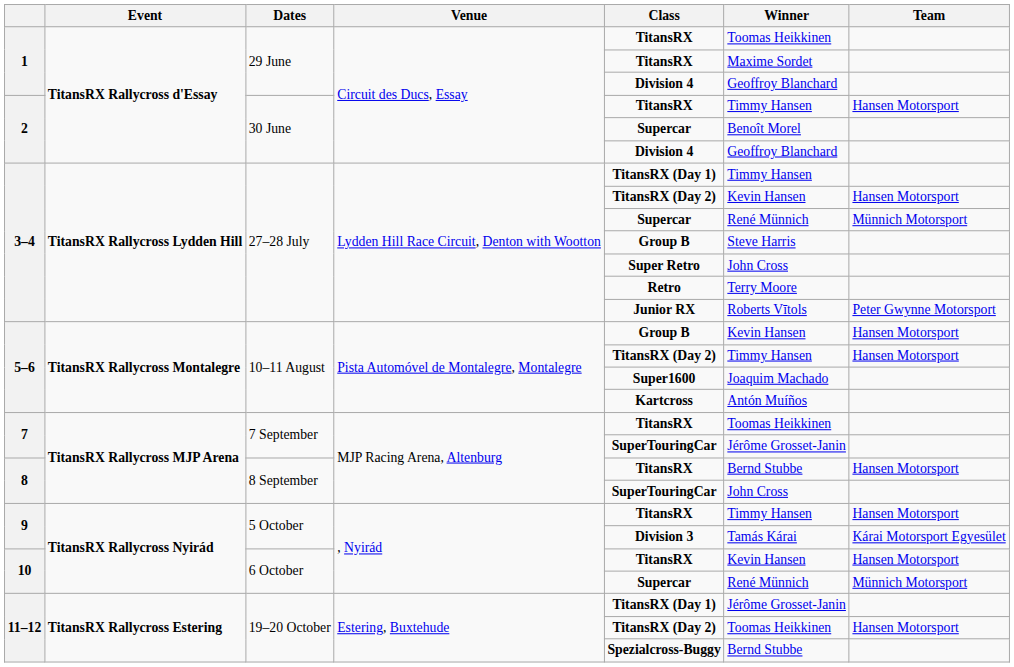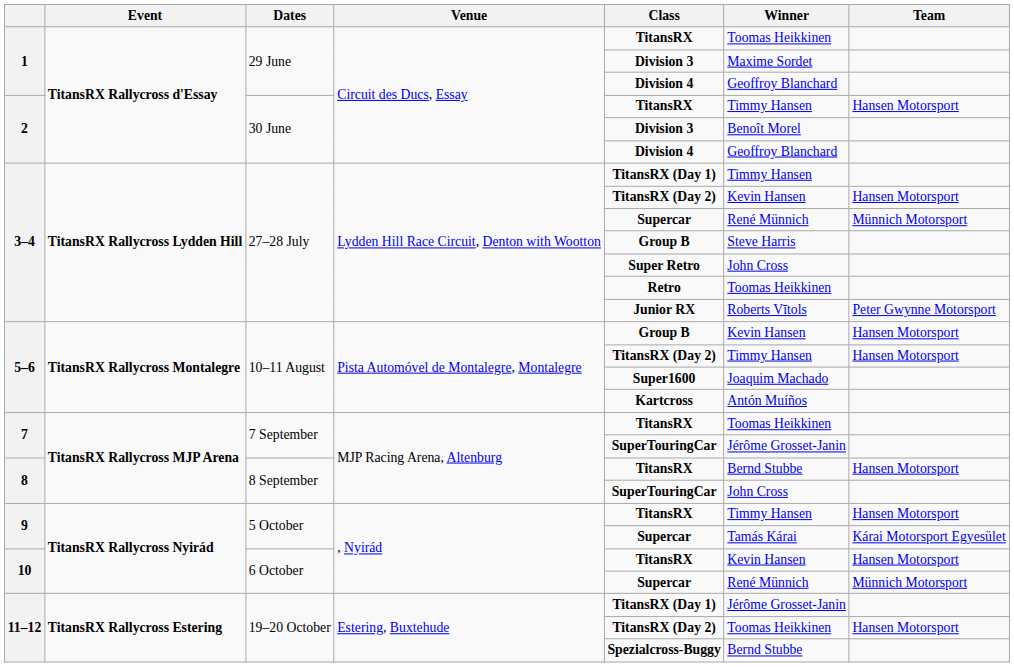 <table class="wikitable" style="font-size:85%;">
 <tr>
 <th></th>
 <th>Event</th>
 <th>Dates</th>
 <th>Venue</th>
 <th>Class</th>
 <th>Winner</th>
 <th>Team</th>
 </tr>
 <tr>
 <th rowspan="3">1</th>
 <td rowspan="6"> <strong>TitansRX Rallycross d'Essay</strong></td>
 <td rowspan="3">29 June</td>
 <td rowspan="6"><a href='#'>Circuit des Ducs</a>, <a href='#'>Essay</a></td>
 <td align="center"><strong><span>TitansRX</span></strong></td>
 <td> <a href='#'>Toomas Heikkinen</a></td>
 <td></td>
 </tr>
 <tr>
-<td align="center"><strong><span>TitansRX</span></strong></td>
+<td align="center"><strong><span>Division 3</span></strong></td>
 <td> <a href='#'>Maxime Sordet</a></td>
 <td></td>
 </tr>
 <tr>
 <td align="center"><strong><span>Division 4</span></strong></td>
 <td> <a href='#'>Geoffroy Blanchard</a></td>
 <td></td>
 </tr>
 <tr>
 <th rowspan="3">2</th>
 <td rowspan="3">30 June</td>
 <td align="center"><strong><span>TitansRX</span></strong></td>
 <td> <a href='#'>Timmy Hansen</a></td>
 <td> <a href='#'>Hansen Motorsport</a></td>
 </tr>
 <tr>
-<td align="center"><strong><span>Supercar</span></strong></td>
+<td align="center"><strong><span>Division 3</span></strong></td>
 <td> <a href='#'>Benoît Morel</a></td>
 <td></td>
 </tr>
 <tr>
 <td align="center"><strong><span>Division 4</span></strong></td>
 <td> <a href='#'>Geoffroy Blanchard</a></td>
 <td></td>
 </tr>
 <tr>
 <th rowspan="7">3–4</th>
 <td rowspan="7"> <strong>TitansRX Rallycross Lydden Hill</strong></td>
 <td rowspan="7">27–28 July</td>
 <td rowspan="7"><a href='#'>Lydden Hill Race Circuit</a>, <a href='#'>Denton with Wootton</a></td>
 <td align="center"><strong><span>TitansRX (Day 1)</span></strong></td>
 <td> <a href='#'>Timmy Hansen</a></td>
 <td></td>
 </tr>
 <tr>
 <td align="center"><strong><span>TitansRX (Day 2)</span></strong></td>
 <td> <a href='#'>Kevin Hansen</a></td>
 <td> <a href='#'>Hansen Motorsport</a></td>
 </tr>
 <tr>
 <td align="center"><strong><span>Supercar</span></strong></td>
 <td> <a href='#'>René Münnich</a></td>
 <td> <a href='#'>Münnich Motorsport</a></td>
 </tr>
 <tr>
 <td align="center"><strong><span>Group B</span></strong></td>
 <td> <a href='#'>Steve Harris</a></td>
 <td></td>
 </tr>
 <tr>
 <td align="center"><strong><span>Super Retro</span></strong></td>
 <td> <a href='#'>John Cross</a></td>
 <td></td>
 </tr>
 <tr>
 <td align="center"><strong><span>Retro</span></strong></td>
-<td> <a href='#'>Terry Moore</a></td>
+<td> <a href='#'>Toomas Heikkinen</a></td>
 <td></td>
 </tr>
 <tr>
 <td align="center"><strong><span>Junior RX</span></strong></td>
 <td> <a href='#'>Roberts Vītols</a></td>
 <td> <a href='#'>Peter Gwynne Motorsport</a></td>
 </tr>
 <tr>
 <th rowspan="4">5–6</th>
 <td rowspan="4"> <strong>TitansRX Rallycross Montalegre</strong></td>
 <td rowspan="4">10–11 August</td>
 <td rowspan="4"><a href='#'>Pista Automóvel de Montalegre</a>, <a href='#'>Montalegre</a></td>
 <td align="center"><strong><span>Group B</span></strong></td>
 <td> <a href='#'>Kevin Hansen</a></td>
 <td> <a href='#'>Hansen Motorsport</a></td>
 </tr>
 <tr>
 <td align="center"><strong><span>TitansRX (Day 2)</span></strong></td>
 <td> <a href='#'>Timmy Hansen</a></td>
 <td> <a href='#'>Hansen Motorsport</a></td>
 </tr>
 <tr>
 <td align="center"><strong><span>Super1600</span></strong></td>
 <td> <a href='#'>Joaquim Machado</a></td>
 <td></td>
 </tr>
 <tr>
 <td align="center"><strong><span>Kartcross</span></strong></td>
 <td> <a href='#'>Antón Muíños</a></td>
 <td></td>
 </tr>
 <tr>
 <th rowspan="2">7</th>
 <td rowspan="4"> <strong>TitansRX Rallycross MJP Arena</strong></td>
 <td rowspan="2">7 September</td>
 <td rowspan="4">MJP Racing Arena, <a href='#'>Altenburg</a></td>
 <td align="center"><strong><span>TitansRX</span></strong></td>
 <td> <a href='#'>Toomas Heikkinen</a></td>
 <td></td>
 </tr>
 <tr>
 <td align="center"><strong><span>SuperTouringCar</span></strong></td>
 <td> <a href='#'>Jérôme Grosset-Janin</a></td>
 <td></td>
 </tr>
 <tr>
 <th rowspan="2">8</th>
 <td rowspan="2">8 September</td>
 <td align="center"><strong><span>TitansRX</span></strong></td>
 <td> <a href='#'>Bernd Stubbe</a></td>
 <td> <a href='#'>Hansen Motorsport</a></td>
 </tr>
 <tr>
 <td align="center"><strong><span>SuperTouringCar</span></strong></td>
 <td> <a href='#'>John Cross</a></td>
 <td></td>
 </tr>
 <tr>
 <th rowspan="2">9</th>
 <td rowspan="4"> <strong>TitansRX Rallycross Nyirád</strong></td>
 <td rowspan="2">5 October</td>
 <td rowspan="4"> , <a href='#'>Nyirád</a></td>
 <td align="center"><strong><span>TitansRX</span></strong></td>
 <td> <a href='#'>Timmy Hansen</a></td>
 <td> <a href='#'>Hansen Motorsport</a></td>
 </tr>
 <tr>
-<td align="center"><strong><span>Division 3</span></strong></td>
+<td align="center"><strong><span>Supercar</span></strong></td>
 <td> <a href='#'>Tamás Kárai</a></td>
 <td> <a href='#'>Kárai Motorsport Egyesület</a></td>
 </tr>
 <tr>
 <th rowspan="2">10</th>
 <td rowspan="2">6 October</td>
 <td align="center"><strong><span>TitansRX</span></strong></td>
 <td> <a href='#'>Kevin Hansen</a></td>
 <td> <a href='#'>Hansen Motorsport</a></td>
 </tr>
 <tr>
 <td align="center"><strong><span>Supercar</span></strong></td>
 <td> <a href='#'>René Münnich</a></td>
 <td> <a href='#'>Münnich Motorsport</a></td>
 </tr>
 <tr>
 <th rowspan="3">11–12</th>
 <td rowspan="3"> <strong>TitansRX Rallycross Estering</strong></td>
 <td rowspan="3">19–20 October</td>
 <td rowspan="3"><a href='#'>Estering</a>, <a href='#'>Buxtehude</a></td>
 <td align="center"><strong><span>TitansRX (Day 1)</span></strong></td>
 <td> <a href='#'>Jérôme Grosset-Janin</a></td>
 <td></td>
 </tr>
 <tr>
 <td align="center"><strong><span>TitansRX (Day 2)</span></strong></td>
 <td> <a href='#'>Toomas Heikkinen</a></td>
 <td> <a href='#'>Hansen Motorsport</a></td>
 </tr>
 <tr>
 <td align="center"><strong><span>Spezialcross-Buggy</span></strong></td>
 <td> <a href='#'>Bernd Stubbe</a></td>
 <td></td>
 </tr>
 </table>
